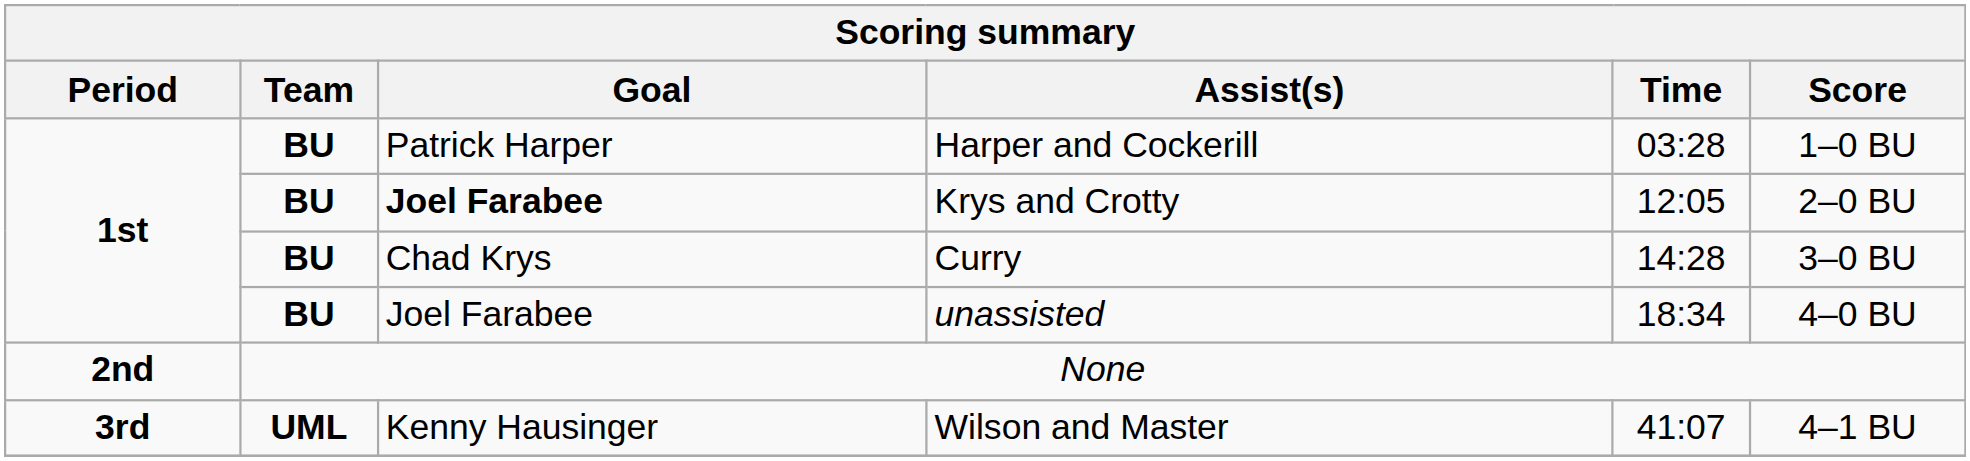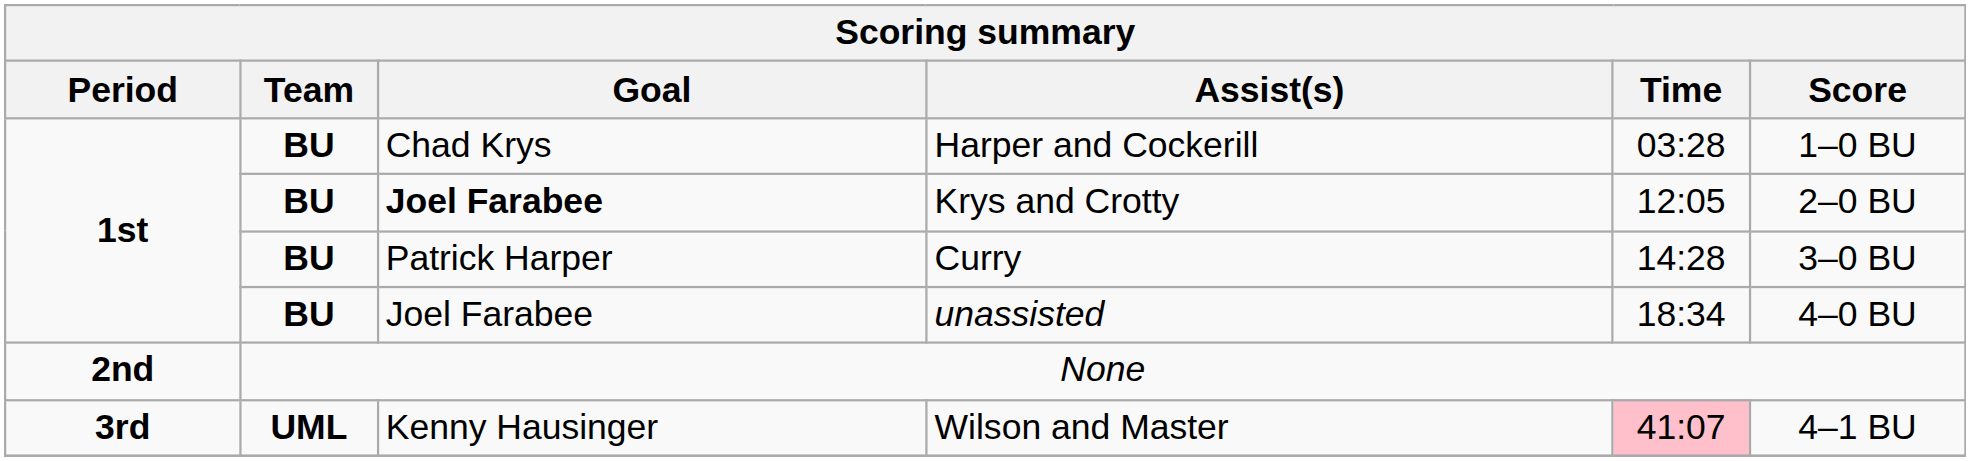 <table style="width:100%;" class="wikitable">
 <tr>
 <th colspan=6>Scoring summary</th>
 </tr>
 <tr>
 <th style="width:12%;">Period</th>
 <th style="width:7%;">Team</th>
 <th style="width:28%;">Goal</th>
 <th style="width:35%;">Assist(s)</th>
 <th style="width:7%;">Time</th>
 <th style="width:11%;">Score</th>
 </tr>
 <tr>
 <td style="text-align:center;" rowspan="4"><strong>1st</strong></td>
 <td align=center><strong>BU</strong></td>
-<td>Patrick Harper</td>
+<td>Chad Krys</td>
 <td>Harper and Cockerill</td>
 <td align=center>03:28</td>
 <td align=center>1–0 BU</td>
 </tr>
 <tr>
 <td align=center><strong>BU</strong></td>
 <td><strong>Joel Farabee</strong></td>
 <td>Krys and Crotty</td>
 <td align=center>12:05</td>
 <td align=center>2–0 BU</td>
 </tr>
 <tr>
 <td align=center><strong>BU</strong></td>
-<td>Chad Krys</td>
+<td>Patrick Harper</td>
 <td>Curry</td>
 <td align=center>14:28</td>
 <td align=center>3–0 BU</td>
 </tr>
 <tr>
 <td align=center><strong>BU</strong></td>
 <td>Joel Farabee</td>
 <td><em>unassisted</em></td>
 <td align=center>18:34</td>
 <td align=center>4–0 BU</td>
 </tr>
 <tr>
 <td style="text-align:center;" rowspan="1"><strong>2nd</strong></td>
 <td style="text-align:center;" colspan="5"><em>None</em></td>
 </tr>
 <tr>
 <td style="text-align:center;" rowspan="1"><strong>3rd</strong></td>
 <td align=center><strong>UML</strong></td>
 <td>Kenny Hausinger</td>
 <td>Wilson and Master</td>
-<td align=center>41:07</td>
+<td align=center style="background: pink;">41:07</td>
 <td align=center>4–1 BU</td>
 </tr>
 <tr>
 </tr>
 </table>
